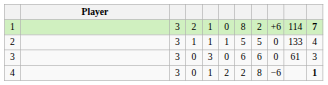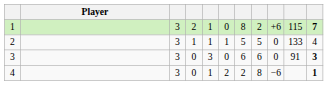 <table class="wikitable" style="text-align:center; margin: 1em auto 1em auto, align:left">
 <tr>
 <th width=20></th>
 <th width=240>Player</th>
 <th width=20></th>
 <th width=20></th>
 <th width=20></th>
 <th width=20></th>
 <th width=20></th>
 <th width=20></th>
 <th width=20></th>
 <th width=30></th>
 <th width=20></th>
 </tr>
 <tr style="background:#D0F0C0;">
 <td>1</td>
 <td align=left></td>
 <td>3</td>
 <td>2</td>
 <td>1</td>
 <td>0</td>
 <td>8</td>
 <td>2</td>
 <td>+6</td>
-<td>114</td>
+<td>115</td>
 <td><strong>7</strong></td>
 </tr>
 <tr style=>
 <td>2</td>
 <td align=left></td>
 <td>3</td>
 <td>1</td>
 <td>1</td>
 <td>1</td>
 <td>5</td>
 <td>5</td>
 <td>0</td>
 <td>133</td>
 <td>4</td>
 </tr>
 <tr style=>
 <td>3</td>
 <td align=left></td>
 <td>3</td>
 <td>0</td>
 <td>3</td>
 <td>0</td>
 <td>6</td>
 <td>6</td>
 <td>0</td>
-<td>61</td>
-<td>3</td>
+<td>91</td>
+<td><strong>3</strong></td>
 </tr>
 <tr style=>
 <td>4</td>
 <td align=left></td>
 <td>3</td>
 <td>0</td>
 <td>1</td>
 <td>2</td>
 <td>2</td>
 <td>8</td>
 <td>−6</td>
 <td></td>
 <td><strong>1</strong></td>
 </tr>
 </table>
